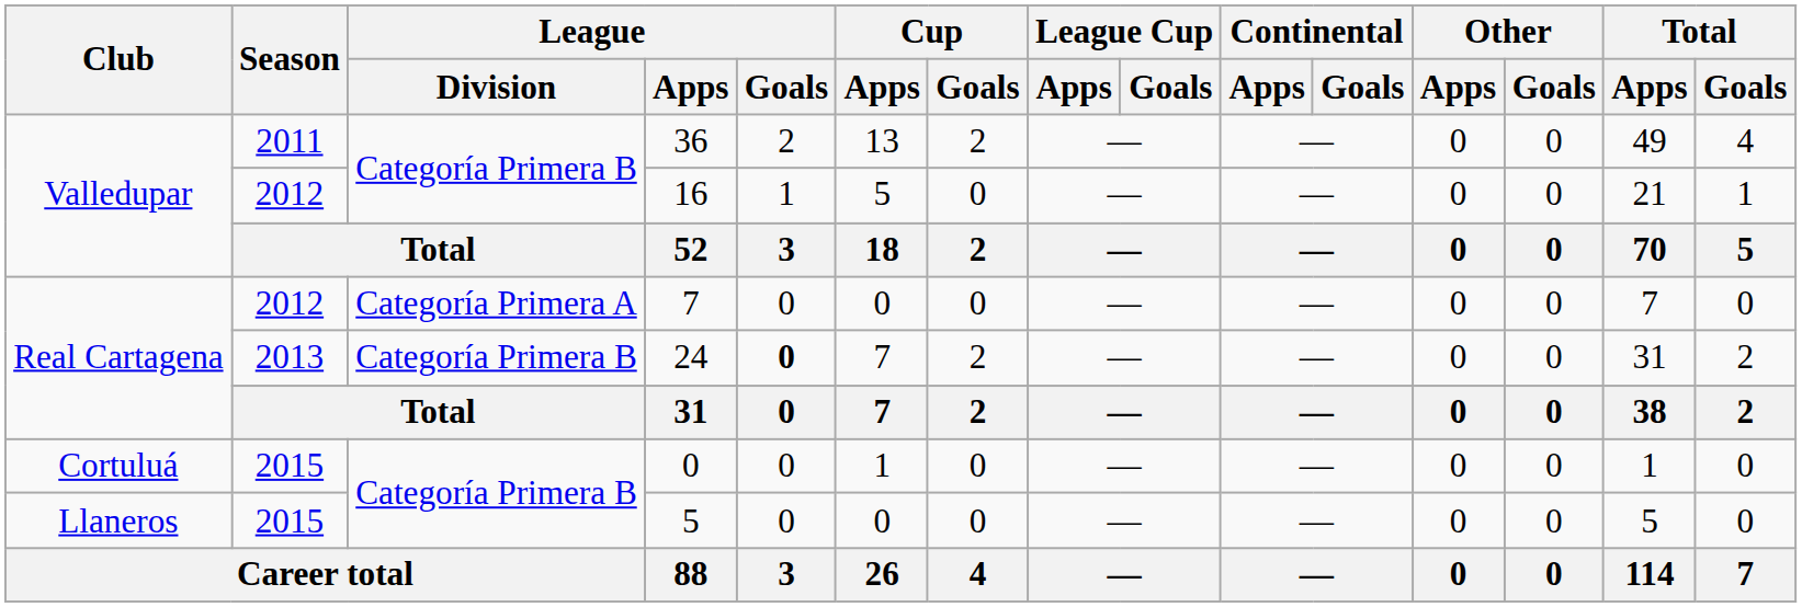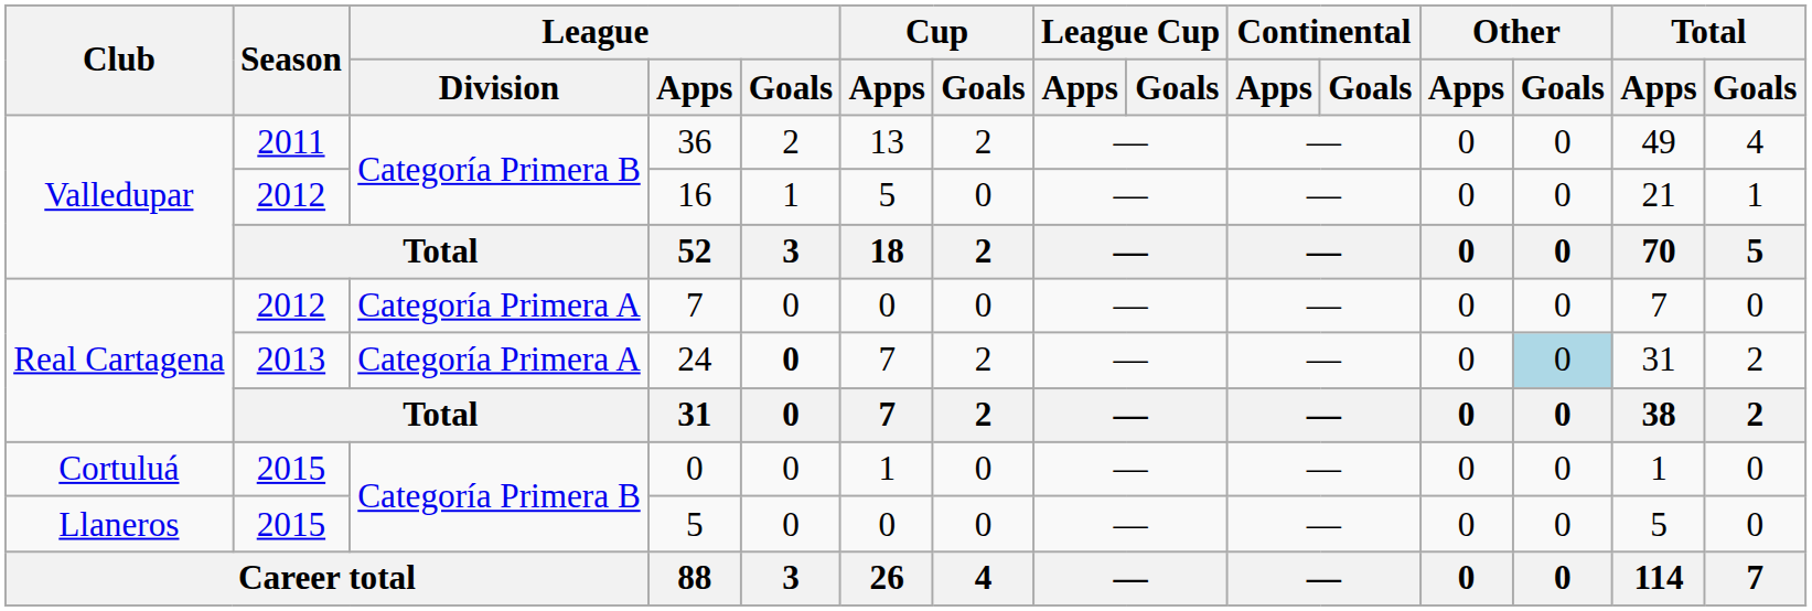 <table class="wikitable" style="text-align:center">
 <tr>
 <th rowspan="2">Club</th>
 <th rowspan="2">Season</th>
 <th colspan="3">League</th>
 <th colspan="2">Cup</th>
 <th colspan="2">League Cup</th>
 <th colspan="2">Continental</th>
 <th colspan="2">Other</th>
 <th colspan="2">Total</th>
 </tr>
 <tr>
 <th>Division</th>
 <th>Apps</th>
 <th>Goals</th>
 <th>Apps</th>
 <th>Goals</th>
 <th>Apps</th>
 <th>Goals</th>
 <th>Apps</th>
 <th>Goals</th>
 <th>Apps</th>
 <th>Goals</th>
 <th>Apps</th>
 <th>Goals</th>
 </tr>
 <tr>
 <td rowspan="3"><a href='#'>Valledupar</a></td>
 <td><a href='#'>2011</a></td>
 <td rowspan="2"><a href='#'>Categoría Primera B</a></td>
 <td>36</td>
 <td>2</td>
 <td>13</td>
 <td>2</td>
 <td colspan="2">—</td>
 <td colspan="2">—</td>
 <td>0</td>
 <td>0</td>
 <td>49</td>
 <td>4</td>
 </tr>
 <tr>
 <td><a href='#'>2012</a></td>
 <td>16</td>
 <td>1</td>
 <td>5</td>
 <td>0</td>
 <td colspan="2">—</td>
 <td colspan="2">—</td>
 <td>0</td>
 <td>0</td>
 <td>21</td>
 <td>1</td>
 </tr>
 <tr>
 <th colspan="2">Total</th>
 <th>52</th>
 <th>3</th>
 <th>18</th>
 <th>2</th>
 <th colspan="2">—</th>
 <th colspan="2">—</th>
 <th>0</th>
 <th>0</th>
 <th>70</th>
 <th>5</th>
 </tr>
 <tr>
 <td rowspan="3"><a href='#'>Real Cartagena</a></td>
 <td><a href='#'>2012</a></td>
 <td rowspan="1"><a href='#'>Categoría Primera A</a></td>
 <td>7</td>
 <td>0</td>
 <td>0</td>
 <td>0</td>
 <td colspan="2">—</td>
 <td colspan="2">—</td>
 <td>0</td>
 <td>0</td>
 <td>7</td>
 <td>0</td>
 </tr>
 <tr>
 <td><a href='#'>2013</a></td>
-<td rowspan="1"><a href='#'>Categoría Primera B</a></td>
+<td rowspan="1"><a href='#'>Categoría Primera A</a></td>
 <td>24</td>
 <td><strong>0</strong></td>
 <td>7</td>
 <td>2</td>
 <td colspan="2">—</td>
 <td colspan="2">—</td>
 <td>0</td>
-<td>0</td>
+<td style="background: lightblue;">0</td>
 <td>31</td>
 <td>2</td>
 </tr>
 <tr>
 <th colspan="2">Total</th>
 <th>31</th>
 <th>0</th>
 <th>7</th>
 <th>2</th>
 <th colspan="2">—</th>
 <th colspan="2">—</th>
 <th>0</th>
 <th>0</th>
 <th>38</th>
 <th>2</th>
 </tr>
 <tr>
 <td rowspan="1"><a href='#'>Cortuluá</a></td>
 <td><a href='#'>2015</a></td>
 <td rowspan="2"><a href='#'>Categoría Primera B</a></td>
 <td>0</td>
 <td>0</td>
 <td>1</td>
 <td>0</td>
 <td colspan="2">—</td>
 <td colspan="2">—</td>
 <td>0</td>
 <td>0</td>
 <td>1</td>
 <td>0</td>
 </tr>
 <tr>
 <td rowspan="1"><a href='#'>Llaneros</a></td>
 <td><a href='#'>2015</a></td>
 <td>5</td>
 <td>0</td>
 <td>0</td>
 <td>0</td>
 <td colspan="2">—</td>
 <td colspan="2">—</td>
 <td>0</td>
 <td>0</td>
 <td>5</td>
 <td>0</td>
 </tr>
 <tr>
 <th colspan="3">Career total</th>
 <th>88</th>
 <th>3</th>
 <th>26</th>
 <th>4</th>
 <th colspan="2">—</th>
 <th colspan="2">—</th>
 <th>0</th>
 <th>0</th>
 <th>114</th>
 <th>7</th>
 </tr>
 </table>
